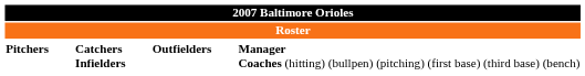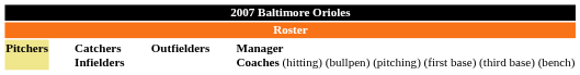 <table class="toccolours" style="font-size: 95%;">
 <tr>
 <th colspan="10" style="background-color: black; color: #FFFFFF; text-align: center;">2007 Baltimore Orioles</th>
 </tr>
 <tr>
 <td colspan="10" style="background-color: #F87217; color: white; text-align: center;"><strong>Roster</strong></td>
 </tr>
 <tr>
-<td valign="top"><strong>Pitchers</strong><br>                        </td>
+<td valign="top" style="background: khaki;"><strong>Pitchers</strong><br>                        </td>
 <td width="25px"></td>
 <td valign="top"><strong>Catchers</strong><br>     <strong>Infielders</strong>         </td>
 <td width="25px"></td>
 <td valign="top"><strong>Outfielders</strong><br>       </td>
 <td width="25px"></td>
 <td valign="top"><strong>Manager</strong><br>  <strong>Coaches</strong>  (hitting)  (bullpen)  (pitching)  (first base)  (third base)  (bench)</td>
 </tr>
 </table>
